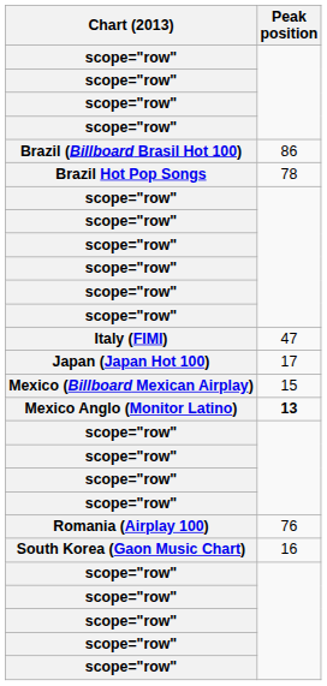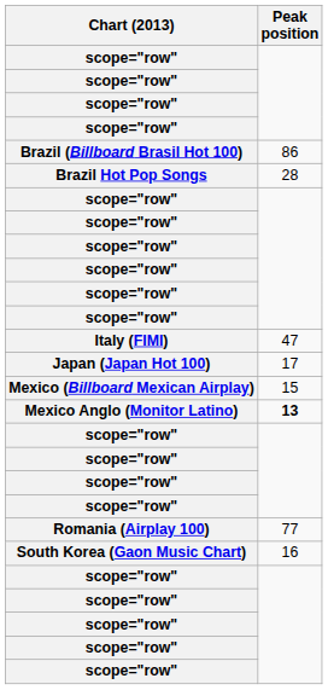 <table class="wikitable sortable plainrowheaders">
 <tr>
 <th>Chart (2013)</th>
 <th>Peak<br>position</th>
 </tr>
 <tr>
 <th>scope="row" </th>
 </tr>
 <tr>
 <th>scope="row" </th>
 </tr>
 <tr>
 <th>scope="row" </th>
 </tr>
 <tr>
 <th>scope="row" </th>
 </tr>
 <tr>
 <th scope="row">Brazil (<a href='#'><em>Billboard</em> Brasil Hot 100</a>)</th>
 <td style="text-align:center;">86</td>
 </tr>
 <tr>
 <th scope="row">Brazil <a href='#'>Hot Pop Songs</a></th>
-<td style="text-align:center;">78</td>
+<td style="text-align:center;">28</td>
 </tr>
 <tr>
 <th>scope="row" </th>
 </tr>
 <tr>
 <th>scope="row" </th>
 </tr>
 <tr>
 <th>scope="row" </th>
 </tr>
 <tr>
 <th>scope="row" </th>
 </tr>
 <tr>
 <th>scope="row" </th>
 </tr>
 <tr>
 <th>scope="row" </th>
 </tr>
 <tr>
 <th scope="row">Italy (<a href='#'>FIMI</a>)</th>
 <td style="text-align:center;">47</td>
 </tr>
 <tr>
 <th scope="row">Japan (<a href='#'>Japan Hot 100</a>)</th>
 <td style="text-align:center;">17</td>
 </tr>
 <tr>
 <th scope="row">Mexico (<a href='#'><em>Billboard</em> Mexican Airplay</a>)</th>
 <td style="text-align:center;">15</td>
 </tr>
 <tr>
 <th scope="row">Mexico Anglo (<a href='#'>Monitor Latino</a>)</th>
 <td style="text-align:center"><strong>13</strong></td>
 </tr>
 <tr>
 <th>scope="row" </th>
 </tr>
 <tr>
 <th>scope="row" </th>
 </tr>
 <tr>
 <th>scope="row" </th>
 </tr>
 <tr>
 <th>scope="row" </th>
 </tr>
 <tr>
 <th scope="row">Romania (<a href='#'>Airplay 100</a>)</th>
-<td style="text-align:center;">76</td>
+<td style="text-align:center;">77</td>
 </tr>
 <tr>
 <th scope="row">South Korea (<a href='#'>Gaon Music Chart</a>)</th>
 <td style="text-align:center;">16</td>
 </tr>
 <tr>
 <th>scope="row" </th>
 </tr>
 <tr>
 <th>scope="row" </th>
 </tr>
 <tr>
 <th>scope="row" </th>
 </tr>
 <tr>
 <th>scope="row" </th>
 </tr>
 <tr>
 <th>scope="row" </th>
 </tr>
 </table>
